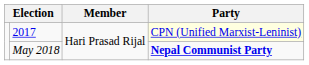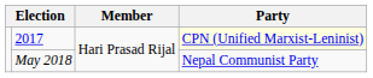 <table class="wikitable">
 <tr>
 <th colspan="2">Election</th>
 <th>Member</th>
 <th>Party</th>
 </tr>
 <tr>
 <td rowspan="2" style="background-color:"></td>
 <td><a href='#'>2017</a></td>
 <td rowspan="2">Hari Prasad Rijal</td>
 <td style="background: lightyellow;"><a href='#'>CPN (Unified Marxist-Leninist)</a></td>
 </tr>
 <tr>
 <td><em>May 2018</em></td>
-<td><strong><a href='#'>Nepal Communist Party</a></strong></td>
+<td><a href='#'>Nepal Communist Party</a></td>
 </tr>
 </table>
